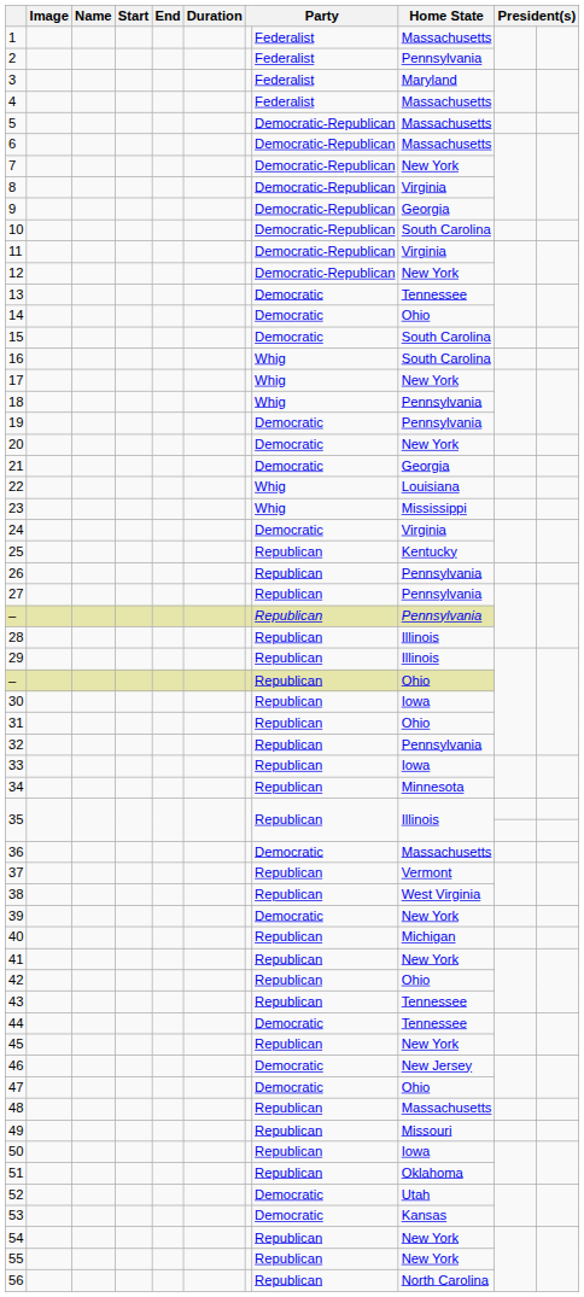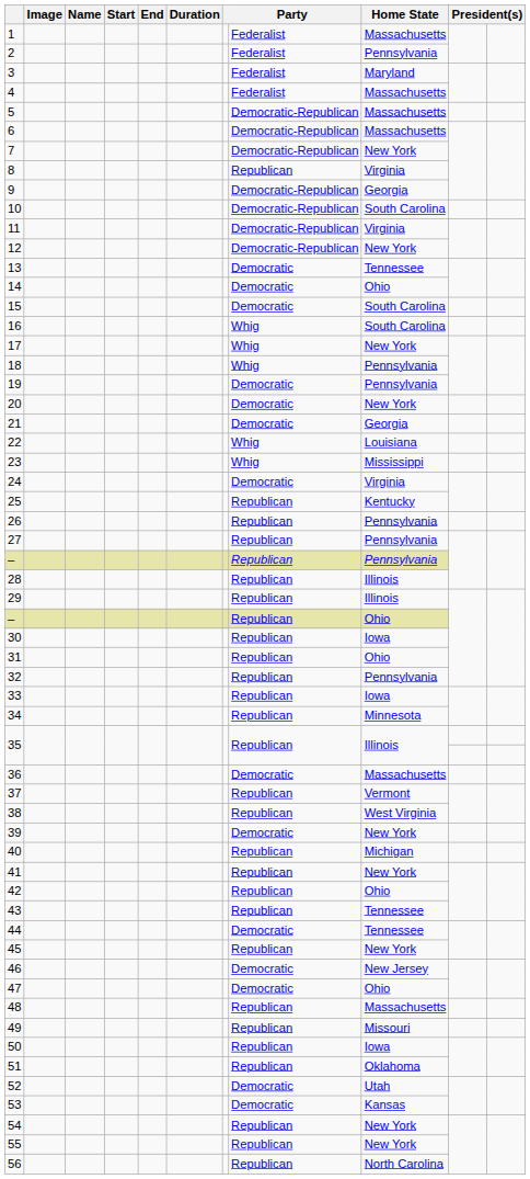 <table class="wikitable sortable">
 <tr>
 <th></th>
 <th class=unsortable>Image</th>
 <th>Name</th>
 <th>Start</th>
 <th>End</th>
 <th>Duration</th>
 <th colspan=2>Party</th>
 <th>Home State</th>
 <th colspan=2>President(s)</th>
 </tr>
 <tr>
 <td>1</td>
 <td></td>
 <td></td>
 <td></td>
 <td></td>
 <td></td>
 <td style="background: "></td>
 <td><a href='#'>Federalist</a></td>
 <td><a href='#'>Massachusetts</a></td>
 <td rowspan=3 style="background: "></td>
 <td rowspan=3><br></td>
 </tr>
 <tr>
 <td>2</td>
 <td></td>
 <td></td>
 <td></td>
 <td></td>
 <td></td>
 <td style="background: "></td>
 <td><a href='#'>Federalist</a></td>
 <td><a href='#'>Pennsylvania</a></td>
 </tr>
 <tr>
 <td rowspan=2>3</td>
 <td rowspan=2></td>
 <td rowspan=2></td>
 <td rowspan=2></td>
 <td rowspan=2></td>
 <td rowspan=2></td>
 <td rowspan=2 style="background: "></td>
 <td rowspan=2><a href='#'>Federalist</a></td>
 <td rowspan=2><a href='#'>Maryland</a></td>
 </tr>
 <tr>
 <td rowspan=2 style="background: "></td>
 <td rowspan=2><br></td>
 </tr>
 <tr>
 <td>4</td>
 <td></td>
 <td></td>
 <td></td>
 <td></td>
 <td></td>
 <td style="background: "></td>
 <td><a href='#'>Federalist</a></td>
 <td><a href='#'>Massachusetts</a></td>
 </tr>
 <tr>
 <td>5</td>
 <td></td>
 <td></td>
 <td></td>
 <td></td>
 <td></td>
 <td style="background: "></td>
 <td><a href='#'>Democratic-Republican</a></td>
 <td><a href='#'>Massachusetts</a></td>
 <td style="background: "></td>
 <td><br></td>
 </tr>
 <tr>
 <td>6</td>
 <td></td>
 <td></td>
 <td></td>
 <td></td>
 <td></td>
 <td style="background: "></td>
 <td><a href='#'>Democratic-Republican</a></td>
 <td><a href='#'>Massachusetts</a></td>
 <td rowspan=4 style="background: "></td>
 <td rowspan=4><br></td>
 </tr>
 <tr>
 <td>7</td>
 <td></td>
 <td></td>
 <td></td>
 <td></td>
 <td></td>
 <td style="background: "></td>
 <td><a href='#'>Democratic-Republican</a></td>
 <td><a href='#'>New York</a></td>
 </tr>
 <tr>
 <td>8</td>
 <td></td>
 <td></td>
 <td></td>
 <td></td>
 <td></td>
 <td style="background: "></td>
-<td><a href='#'>Democratic-Republican</a></td>
+<td><a href='#'>Republican</a></td>
 <td><a href='#'>Virginia</a></td>
 </tr>
 <tr>
 <td>9</td>
 <td></td>
 <td></td>
 <td></td>
 <td></td>
 <td></td>
 <td style="background: "></td>
 <td><a href='#'>Democratic-Republican</a></td>
 <td><a href='#'>Georgia</a></td>
 </tr>
 <tr>
 <td>10</td>
 <td></td>
 <td></td>
 <td></td>
 <td></td>
 <td></td>
 <td style="background: "></td>
 <td><a href='#'>Democratic-Republican</a></td>
 <td><a href='#'>South Carolina</a></td>
 <td style="background: "></td>
 <td><br></td>
 </tr>
 <tr>
 <td>11</td>
 <td></td>
 <td></td>
 <td></td>
 <td></td>
 <td></td>
 <td style="background: "></td>
 <td><a href='#'>Democratic-Republican</a></td>
 <td><a href='#'>Virginia</a></td>
 <td rowspan=2 style="background: "></td>
 <td rowspan=2><br></td>
 </tr>
 <tr>
 <td>12</td>
 <td></td>
 <td></td>
 <td></td>
 <td></td>
 <td></td>
 <td style="background: "></td>
 <td><a href='#'>Democratic-Republican</a></td>
 <td><a href='#'>New York</a></td>
 </tr>
 <tr>
 <td>13</td>
 <td></td>
 <td></td>
 <td></td>
 <td></td>
 <td></td>
 <td style="background: "></td>
 <td><a href='#'>Democratic</a></td>
 <td><a href='#'>Tennessee</a></td>
 <td rowspan=2 style="background: "></td>
 <td rowspan=2><br></td>
 </tr>
 <tr>
 <td>14</td>
 <td></td>
 <td></td>
 <td></td>
 <td></td>
 <td></td>
 <td style="background: "></td>
 <td><a href='#'>Democratic</a></td>
 <td><a href='#'>Ohio</a></td>
 </tr>
 <tr>
 <td>15</td>
 <td></td>
 <td></td>
 <td></td>
 <td></td>
 <td></td>
 <td style="background: "></td>
 <td><a href='#'>Democratic</a></td>
 <td><a href='#'>South Carolina</a></td>
 <td style="background: "></td>
 <td><br></td>
 </tr>
 <tr>
 <td rowspan=2>16</td>
 <td rowspan=2></td>
 <td rowspan=2></td>
 <td rowspan=2></td>
 <td rowspan=2></td>
 <td rowspan=2></td>
 <td rowspan=2 style="background: "></td>
 <td rowspan=2><a href='#'>Whig</a></td>
 <td rowspan=2><a href='#'>South Carolina</a></td>
 <td style="background: "></td>
 <td><br></td>
 </tr>
 <tr>
 <td rowspan=4 style="background: "></td>
 <td rowspan=4><br></td>
 </tr>
 <tr>
 <td>17</td>
 <td></td>
 <td></td>
 <td></td>
 <td></td>
 <td></td>
 <td style="background: "></td>
 <td><a href='#'>Whig</a></td>
 <td><a href='#'>New York</a></td>
 </tr>
 <tr>
 <td>18</td>
 <td></td>
 <td></td>
 <td></td>
 <td></td>
 <td></td>
 <td style="background: "></td>
 <td><a href='#'>Whig</a></td>
 <td><a href='#'>Pennsylvania</a></td>
 </tr>
 <tr>
 <td>19</td>
 <td></td>
 <td></td>
 <td></td>
 <td></td>
 <td></td>
 <td style="background: "></td>
 <td><a href='#'>Democratic</a></td>
 <td><a href='#'>Pennsylvania</a></td>
 </tr>
 <tr>
 <td>20</td>
 <td></td>
 <td></td>
 <td></td>
 <td></td>
 <td></td>
 <td style="background: "></td>
 <td><a href='#'>Democratic</a></td>
 <td><a href='#'>New York</a></td>
 <td style="background: "></td>
 <td><br></td>
 </tr>
 <tr>
 <td>21</td>
 <td></td>
 <td></td>
 <td></td>
 <td></td>
 <td></td>
 <td style="background: "></td>
 <td><a href='#'>Democratic</a></td>
 <td><a href='#'>Georgia</a></td>
 <td style="background: "></td>
 <td><br></td>
 </tr>
 <tr>
 <td>22</td>
 <td></td>
 <td></td>
 <td></td>
 <td></td>
 <td></td>
 <td style="background: "></td>
 <td><a href='#'>Whig</a></td>
 <td><a href='#'>Louisiana</a></td>
 <td style="background: "></td>
 <td><br></td>
 </tr>
 <tr>
 <td>23</td>
 <td></td>
 <td></td>
 <td></td>
 <td></td>
 <td></td>
 <td style="background: "></td>
 <td><a href='#'>Whig</a></td>
 <td><a href='#'>Mississippi</a></td>
 <td style="background: "></td>
 <td><br></td>
 </tr>
 <tr>
 <td>24</td>
 <td></td>
 <td></td>
 <td></td>
 <td></td>
 <td></td>
 <td style="background: "></td>
 <td><a href='#'>Democratic</a></td>
 <td><a href='#'>Virginia</a></td>
 <td rowspan=2 style="background: "></td>
 <td rowspan=2><br></td>
 </tr>
 <tr>
 <td>25</td>
 <td></td>
 <td></td>
 <td></td>
 <td></td>
 <td></td>
 <td style="background: "></td>
 <td><a href='#'>Republican</a></td>
 <td><a href='#'>Kentucky</a></td>
 </tr>
 <tr>
 <td>26</td>
 <td></td>
 <td></td>
 <td></td>
 <td></td>
 <td></td>
 <td style="background: "></td>
 <td><a href='#'>Republican</a></td>
 <td><a href='#'>Pennsylvania</a></td>
 <td rowspan=2 style="background: "></td>
 <td rowspan=2><br></td>
 </tr>
 <tr>
 <td rowspan=2>27</td>
 <td rowspan=2></td>
 <td rowspan=2></td>
 <td rowspan=2><br></td>
 <td rowspan=2></td>
 <td rowspan=2></td>
 <td rowspan=2 style="background: "></td>
 <td rowspan=2><a href='#'>Republican</a></td>
 <td rowspan=2><a href='#'>Pennsylvania</a></td>
 </tr>
 <tr>
 <td rowspan=3 style="background: "></td>
 <td rowspan=3><br></td>
 </tr>
 <tr style="background:#e6e6aa;">
 <td>–</td>
 <td></td>
 <td><em><br></em></td>
 <td><em></em></td>
 <td><em></em></td>
 <td><em></em></td>
 <td style="background: "></td>
 <td><em><a href='#'>Republican</a></em></td>
 <td><em><a href='#'>Pennsylvania</a></em></td>
 </tr>
 <tr>
 <td>28</td>
 <td></td>
 <td></td>
 <td></td>
 <td></td>
 <td></td>
 <td style="background: "></td>
 <td><a href='#'>Republican</a></td>
 <td><a href='#'>Illinois</a></td>
 </tr>
 <tr>
 <td>29</td>
 <td></td>
 <td></td>
 <td></td>
 <td></td>
 <td></td>
 <td style="background: "></td>
 <td><a href='#'>Republican</a></td>
 <td><a href='#'>Illinois</a></td>
 <td rowspan=5 style="background: "></td>
 <td rowspan=5><br></td>
 </tr>
 <tr style="background:#e6e6aa;">
 <td>–</td>
 <td></td>
 <td><br></td>
 <td></td>
 <td></td>
 <td></td>
 <td style="background: "></td>
 <td><a href='#'>Republican</a></td>
 <td><a href='#'>Ohio</a></td>
 </tr>
 <tr>
 <td>30</td>
 <td></td>
 <td></td>
 <td></td>
 <td></td>
 <td></td>
 <td style="background: "></td>
 <td><a href='#'>Republican</a></td>
 <td><a href='#'>Iowa</a></td>
 </tr>
 <tr>
 <td>31</td>
 <td></td>
 <td></td>
 <td></td>
 <td></td>
 <td></td>
 <td style="background: "></td>
 <td><a href='#'>Republican</a></td>
 <td><a href='#'>Ohio</a></td>
 </tr>
 <tr>
 <td>32</td>
 <td></td>
 <td></td>
 <td></td>
 <td></td>
 <td></td>
 <td style="background: "></td>
 <td><a href='#'>Republican</a></td>
 <td><a href='#'>Pennsylvania</a></td>
 </tr>
 <tr>
 <td>33</td>
 <td></td>
 <td></td>
 <td></td>
 <td></td>
 <td></td>
 <td style="background: "></td>
 <td><a href='#'>Republican</a></td>
 <td><a href='#'>Iowa</a></td>
 <td rowspan=2 style="background: "></td>
 <td rowspan=2><br></td>
 </tr>
 <tr>
 <td>34</td>
 <td></td>
 <td></td>
 <td></td>
 <td></td>
 <td></td>
 <td style="background: "></td>
 <td><a href='#'>Republican</a></td>
 <td><a href='#'>Minnesota</a></td>
 </tr>
 <tr>
 <td rowspan=2>35</td>
 <td rowspan=2></td>
 <td rowspan=2></td>
 <td rowspan=2></td>
 <td rowspan=2></td>
 <td rowspan=2></td>
 <td rowspan=2 style="background: "></td>
 <td rowspan=2><a href='#'>Republican</a></td>
 <td rowspan=2><a href='#'>Illinois</a></td>
 <td style="background: "></td>
 <td><br></td>
 </tr>
 <tr>
 <td style="background: "></td>
 <td><br></td>
 </tr>
 <tr>
 <td>36</td>
 <td></td>
 <td></td>
 <td></td>
 <td></td>
 <td></td>
 <td style="background: "></td>
 <td><a href='#'>Democratic</a></td>
 <td><a href='#'>Massachusetts</a></td>
 <td style="background: "></td>
 <td><br></td>
 </tr>
 <tr>
 <td>37</td>
 <td></td>
 <td></td>
 <td></td>
 <td></td>
 <td></td>
 <td style="background: "></td>
 <td><a href='#'>Republican</a></td>
 <td><a href='#'>Vermont</a></td>
 <td rowspan=2 style="background: "></td>
 <td rowspan=2><br></td>
 </tr>
 <tr>
 <td>38</td>
 <td></td>
 <td></td>
 <td></td>
 <td></td>
 <td></td>
 <td style="background: "></td>
 <td><a href='#'>Republican</a></td>
 <td><a href='#'>West Virginia</a></td>
 </tr>
 <tr>
 <td>39</td>
 <td></td>
 <td></td>
 <td></td>
 <td></td>
 <td></td>
 <td style="background: "></td>
 <td><a href='#'>Democratic</a></td>
 <td><a href='#'>New York</a></td>
 <td style="background: "></td>
 <td><br></td>
 </tr>
 <tr>
 <td>40</td>
 <td></td>
 <td></td>
 <td></td>
 <td></td>
 <td></td>
 <td style="background: "></td>
 <td><a href='#'>Republican</a></td>
 <td><a href='#'>Michigan</a></td>
 <td rowspan=2 style="background: "></td>
 <td rowspan=2><br></td>
 </tr>
 <tr>
 <td rowspan=2>41</td>
 <td rowspan=2></td>
 <td rowspan=2></td>
 <td rowspan=2></td>
 <td rowspan=2></td>
 <td rowspan=2></td>
 <td rowspan=2 style="background: "></td>
 <td rowspan=2><a href='#'>Republican</a></td>
 <td rowspan=2><a href='#'>New York</a></td>
 </tr>
 <tr>
 <td rowspan=3 style="background: "></td>
 <td rowspan=3><br></td>
 </tr>
 <tr>
 <td>42</td>
 <td></td>
 <td></td>
 <td></td>
 <td></td>
 <td></td>
 <td style="background: "></td>
 <td><a href='#'>Republican</a></td>
 <td><a href='#'>Ohio</a></td>
 </tr>
 <tr>
 <td>43</td>
 <td></td>
 <td></td>
 <td></td>
 <td></td>
 <td></td>
 <td style="background: "></td>
 <td><a href='#'>Republican</a></td>
 <td><a href='#'>Tennessee</a></td>
 </tr>
 <tr>
 <td>44</td>
 <td></td>
 <td></td>
 <td></td>
 <td></td>
 <td></td>
 <td style="background: "></td>
 <td><a href='#'>Democratic</a></td>
 <td><a href='#'>Tennessee</a></td>
 <td rowspan=2 style="background: "></td>
 <td rowspan=2><br></td>
 </tr>
 <tr>
 <td>45</td>
 <td></td>
 <td></td>
 <td></td>
 <td></td>
 <td></td>
 <td style="background: "></td>
 <td><a href='#'>Republican</a></td>
 <td><a href='#'>New York</a></td>
 </tr>
 <tr>
 <td>46</td>
 <td></td>
 <td></td>
 <td></td>
 <td></td>
 <td></td>
 <td style="background: "></td>
 <td><a href='#'>Democratic</a></td>
 <td><a href='#'>New Jersey</a></td>
 <td rowspan=2 style="background: "></td>
 <td rowspan=2><br></td>
 </tr>
 <tr>
 <td>47</td>
 <td></td>
 <td></td>
 <td></td>
 <td></td>
 <td></td>
 <td style="background: "></td>
 <td><a href='#'>Democratic</a></td>
 <td><a href='#'>Ohio</a></td>
 </tr>
 <tr>
 <td rowspan=2>48</td>
 <td rowspan=2></td>
 <td rowspan=2></td>
 <td rowspan=2></td>
 <td rowspan=2></td>
 <td rowspan=2></td>
 <td rowspan=2 style="background: "></td>
 <td rowspan=2><a href='#'>Republican</a></td>
 <td rowspan=2><a href='#'>Massachusetts</a></td>
 <td style="background: "></td>
 <td><br></td>
 </tr>
 <tr>
 <td rowspan=2 style="background: "></td>
 <td rowspan=2><br></td>
 </tr>
 <tr>
 <td>49</td>
 <td></td>
 <td></td>
 <td></td>
 <td></td>
 <td></td>
 <td style="background: "></td>
 <td><a href='#'>Republican</a></td>
 <td><a href='#'>Missouri</a></td>
 </tr>
 <tr>
 <td>50</td>
 <td></td>
 <td></td>
 <td></td>
 <td></td>
 <td></td>
 <td style="background: "></td>
 <td><a href='#'>Republican</a></td>
 <td><a href='#'>Iowa</a></td>
 <td rowspan=2 style="background: "></td>
 <td rowspan=2><br></td>
 </tr>
 <tr>
 <td>51</td>
 <td></td>
 <td></td>
 <td></td>
 <td></td>
 <td></td>
 <td style="background: "></td>
 <td><a href='#'>Republican</a></td>
 <td><a href='#'>Oklahoma</a></td>
 </tr>
 <tr>
 <td>52</td>
 <td></td>
 <td></td>
 <td></td>
 <td></td>
 <td></td>
 <td style="background: "></td>
 <td><a href='#'>Democratic</a></td>
 <td><a href='#'>Utah</a></td>
 <td rowspan=3 style="background: "></td>
 <td rowspan=3><br></td>
 </tr>
 <tr>
 <td>53</td>
 <td></td>
 <td></td>
 <td></td>
 <td></td>
 <td></td>
 <td style="background: "></td>
 <td><a href='#'>Democratic</a></td>
 <td><a href='#'>Kansas</a></td>
 </tr>
 <tr>
 <td rowspan=2>54</td>
 <td rowspan=2></td>
 <td rowspan=2></td>
 <td rowspan=2></td>
 <td rowspan=2></td>
 <td rowspan=2></td>
 <td rowspan=2 style="background: "></td>
 <td rowspan=2><a href='#'>Republican</a></td>
 <td rowspan=2><a href='#'>New York</a></td>
 </tr>
 <tr>
 <td rowspan=3 style="background: "></td>
 <td rowspan=3><br></td>
 </tr>
 <tr>
 <td>55</td>
 <td></td>
 <td></td>
 <td></td>
 <td></td>
 <td></td>
 <td style="background: "></td>
 <td><a href='#'>Republican</a></td>
 <td><a href='#'>New York</a></td>
 </tr>
 <tr>
 <td>56</td>
 <td></td>
 <td></td>
 <td></td>
 <td></td>
 <td></td>
 <td style="background: "></td>
 <td><a href='#'>Republican</a></td>
 <td><a href='#'>North Carolina</a></td>
 </tr>
 </table>
